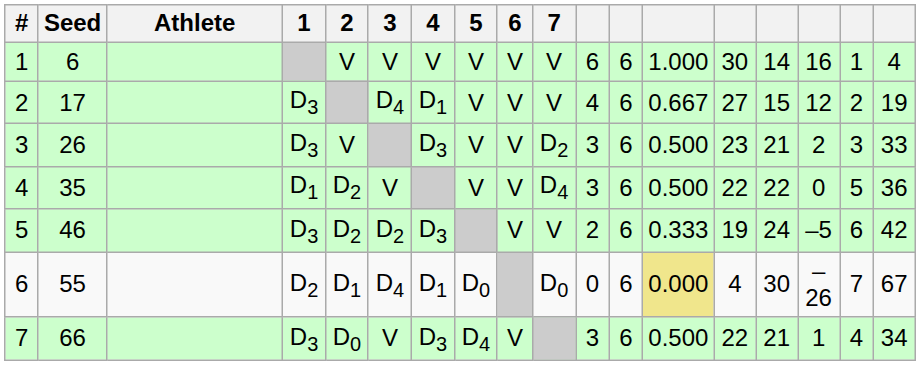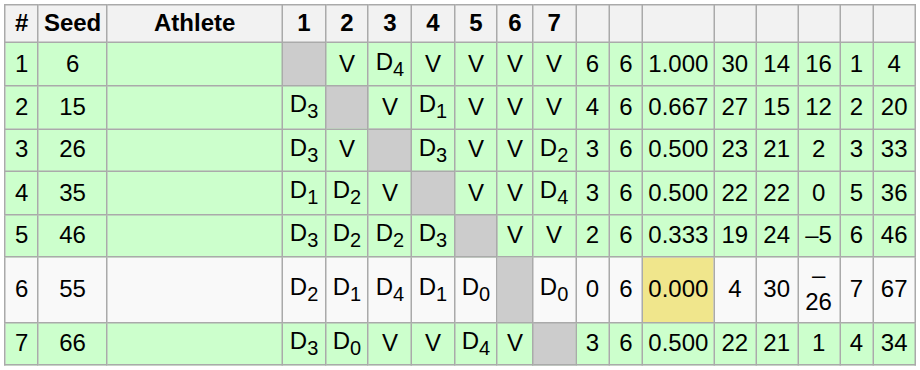 <table class="wikitable" style="text-align:center">
 <tr>
 <th width="25">#</th>
 <th width="25">Seed</th>
 <th width="200">Athlete</th>
 <th width="25">1</th>
 <th width="25">2</th>
 <th width="25">3</th>
 <th width="25">4</th>
 <th width="25">5</th>
 <th width="25">6</th>
 <th width="25">7</th>
 <th width="25"></th>
 <th width="25"></th>
 <th width="40"></th>
 <th width="25"></th>
 <th width="25"></th>
 <th width="25"></th>
 <th width="25"></th>
 <th width="25"></th>
 </tr>
 <tr bgcolor="#ccffcc">
 <td>1</td>
 <td>6</td>
 <td align=left></td>
 <td bgcolor="#cccccc"></td>
 <td>V</td>
-<td>V</td>
+<td>D<sub>4</sub></td>
 <td>V</td>
 <td>V</td>
 <td>V</td>
 <td>V</td>
 <td>6</td>
 <td>6</td>
 <td>1.000</td>
 <td>30</td>
 <td>14</td>
 <td>16</td>
 <td>1</td>
 <td>4</td>
 </tr>
 <tr bgcolor="#ccffcc">
 <td>2</td>
-<td>17</td>
+<td>15</td>
 <td align=left></td>
 <td>D<sub>3</sub></td>
 <td bgcolor="#cccccc"></td>
-<td>D<sub>4</sub></td>
+<td>V</td>
 <td>D<sub>1</sub></td>
 <td>V</td>
 <td>V</td>
 <td>V</td>
 <td>4</td>
 <td>6</td>
 <td>0.667</td>
 <td>27</td>
 <td>15</td>
 <td>12</td>
 <td>2</td>
-<td>19</td>
+<td>20</td>
 </tr>
 <tr bgcolor="#ccffcc">
 <td>3</td>
 <td>26</td>
 <td align=left></td>
 <td>D<sub>3</sub></td>
 <td>V</td>
 <td bgcolor="#cccccc"></td>
 <td>D<sub>3</sub></td>
 <td>V</td>
 <td>V</td>
 <td>D<sub>2</sub></td>
 <td>3</td>
 <td>6</td>
 <td>0.500</td>
 <td>23</td>
 <td>21</td>
 <td>2</td>
 <td>3</td>
 <td>33</td>
 </tr>
 <tr bgcolor="#ccffcc">
 <td>4</td>
 <td>35</td>
 <td align=left></td>
 <td>D<sub>1</sub></td>
 <td>D<sub>2</sub></td>
 <td>V</td>
 <td bgcolor="#cccccc"></td>
 <td>V</td>
 <td>V</td>
 <td>D<sub>4</sub></td>
 <td>3</td>
 <td>6</td>
 <td>0.500</td>
 <td>22</td>
 <td>22</td>
 <td>0</td>
 <td>5</td>
 <td>36</td>
 </tr>
 <tr bgcolor="#ccffcc">
 <td>5</td>
 <td>46</td>
 <td align=left></td>
 <td>D<sub>3</sub></td>
 <td>D<sub>2</sub></td>
 <td>D<sub>2</sub></td>
 <td>D<sub>3</sub></td>
 <td bgcolor="#cccccc"></td>
 <td>V</td>
 <td>V</td>
 <td>2</td>
 <td>6</td>
 <td>0.333</td>
 <td>19</td>
 <td>24</td>
 <td>–5</td>
 <td>6</td>
-<td>42</td>
+<td>46</td>
 </tr>
 <tr>
 <td>6</td>
 <td>55</td>
 <td align=left></td>
 <td>D<sub>2</sub></td>
 <td>D<sub>1</sub></td>
 <td>D<sub>4</sub></td>
 <td>D<sub>1</sub></td>
 <td>D<sub>0</sub></td>
 <td bgcolor="#cccccc"></td>
 <td>D<sub>0</sub></td>
 <td>0</td>
 <td>6</td>
 <td style="background: khaki;">0.000</td>
 <td>4</td>
 <td>30</td>
 <td>–26</td>
 <td>7</td>
 <td>67</td>
 </tr>
 <tr bgcolor="#ccffcc">
 <td>7</td>
 <td>66</td>
 <td align=left></td>
 <td>D<sub>3</sub></td>
 <td>D<sub>0</sub></td>
 <td>V</td>
-<td>D<sub>3</sub></td>
+<td>V</td>
 <td>D<sub>4</sub></td>
 <td>V</td>
 <td bgcolor="#cccccc"></td>
 <td>3</td>
 <td>6</td>
 <td>0.500</td>
 <td>22</td>
 <td>21</td>
 <td>1</td>
 <td>4</td>
 <td>34</td>
 </tr>
 </table>
